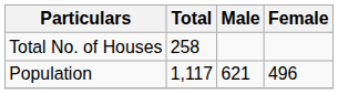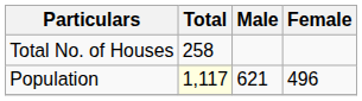 <table class="wikitable sortable">
 <tr>
 <th>Particulars</th>
 <th>Total</th>
 <th>Male</th>
 <th>Female</th>
 </tr>
 <tr>
 <td>Total No. of Houses</td>
 <td>258</td>
 <td></td>
 <td></td>
 </tr>
 <tr>
 <td>Population</td>
-<td>1,117</td>
+<td style="background: lightyellow;">1,117</td>
 <td>621</td>
 <td>496</td>
 </tr>
 <tr>
 </tr>
 </table>
